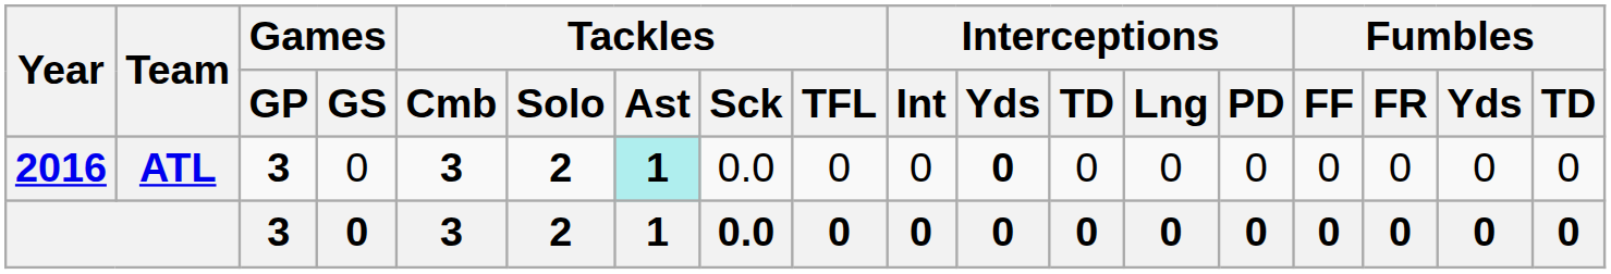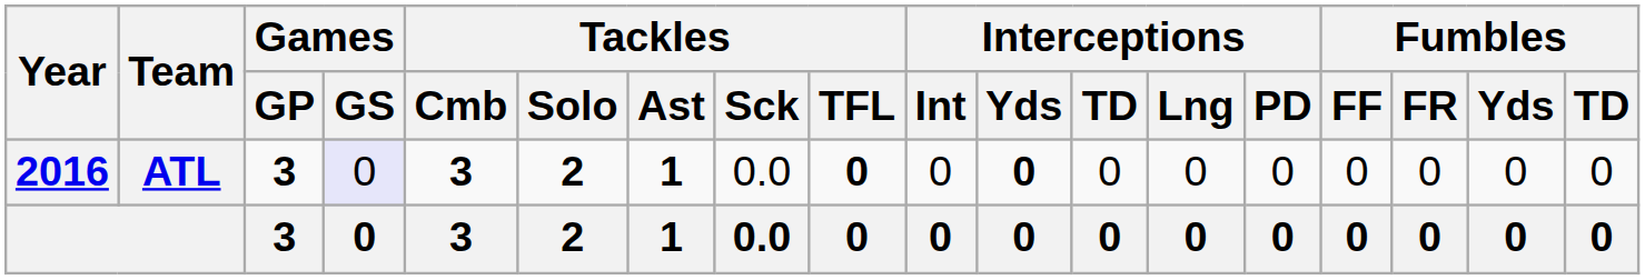 <table class="wikitable" style="text-align:center">
 <tr>
 <th rowspan="2">Year</th>
 <th rowspan="2">Team</th>
 <th colspan="2">Games</th>
 <th colspan="5">Tackles</th>
 <th colspan="5">Interceptions</th>
 <th colspan="4">Fumbles</th>
 </tr>
 <tr>
 <th>GP</th>
 <th>GS</th>
 <th>Cmb</th>
 <th>Solo</th>
 <th>Ast</th>
 <th>Sck</th>
 <th>TFL</th>
 <th>Int</th>
 <th>Yds</th>
 <th>TD</th>
 <th>Lng</th>
 <th>PD</th>
 <th>FF</th>
 <th>FR</th>
 <th>Yds</th>
 <th>TD</th>
 </tr>
 <tr>
 <th><a href='#'>2016</a></th>
 <th><a href='#'>ATL</a></th>
 <td><strong>3</strong></td>
-<td>0</td>
+<td style="background: lavender;">0</td>
 <td><strong>3</strong></td>
 <td><strong>2</strong></td>
-<td style="background: paleturquoise;"><strong>1</strong></td>
+<td><strong>1</strong></td>
 <td>0.0</td>
-<td>0</td>
+<td><strong>0</strong></td>
 <td>0</td>
 <td><strong>0</strong></td>
 <td>0</td>
 <td>0</td>
 <td>0</td>
 <td>0</td>
 <td>0</td>
 <td>0</td>
 <td>0</td>
 </tr>
 <tr>
 <th colspan="2"></th>
 <th>3</th>
 <th>0</th>
 <th>3</th>
 <th>2</th>
 <th>1</th>
 <th>0.0</th>
 <th>0</th>
 <th>0</th>
 <th>0</th>
 <th>0</th>
 <th>0</th>
 <th>0</th>
 <th>0</th>
 <th>0</th>
 <th>0</th>
 <th>0</th>
 </tr>
 </table>
